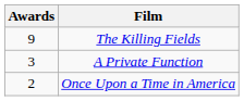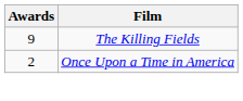 <table class="wikitable" style="text-align:center;">
 <tr>
 <th style="background:">Awards</th>
 <th style="background:">Film</th>
 </tr>
 <tr>
 <td>9</td>
 <td><em><a href='#'>The Killing Fields</a></em></td>
 </tr>
 <tr>
-<td>3</td>
-<td><em><a href='#'>A Private Function</a></em></td>
-</tr>
-<tr>
 <td>2</td>
 <td><em><a href='#'>Once Upon a Time in America</a></em></td>
 </tr>
 </table>
